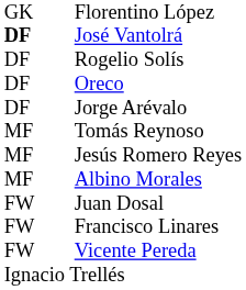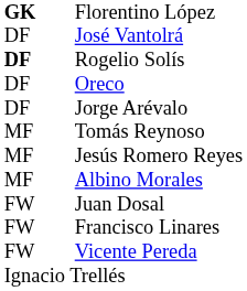 <table cellspacing="0" cellpadding="0" style="font-size:90%; margin:0.2em auto;">
 <tr>
 <th width="25"></th>
 <th width="25"></th>
 </tr>
 <tr>
-<td>GK</td>
+<td><strong>GK</strong></td>
 <td></td>
 <td> Florentino López</td>
 </tr>
 <tr>
-<td><strong>DF</strong></td>
+<td>DF</td>
 <td></td>
 <td> <a href='#'>José Vantolrá</a></td>
 </tr>
 <tr>
-<td>DF</td>
+<td><strong>DF</strong></td>
 <td></td>
 <td> Rogelio Solís</td>
 </tr>
 <tr>
 <td>DF</td>
 <td></td>
 <td> <a href='#'>Oreco</a></td>
 </tr>
 <tr>
 <td>DF</td>
 <td></td>
 <td> Jorge Arévalo</td>
 </tr>
 <tr>
 <td>MF</td>
 <td></td>
 <td> Tomás Reynoso</td>
 </tr>
 <tr>
 <td>MF</td>
 <td></td>
 <td> Jesús Romero Reyes</td>
 </tr>
 <tr>
 <td>MF</td>
 <td></td>
 <td> <a href='#'>Albino Morales</a></td>
 </tr>
 <tr>
 <td>FW</td>
 <td></td>
 <td> Juan Dosal</td>
 </tr>
 <tr>
 <td>FW</td>
 <td></td>
 <td> Francisco Linares</td>
 </tr>
 <tr>
 <td>FW</td>
 <td></td>
 <td> <a href='#'>Vicente Pereda</a></td>
 </tr>
 <tr>
 <td colspan=5> Ignacio Trellés</td>
 </tr>
 </table>
